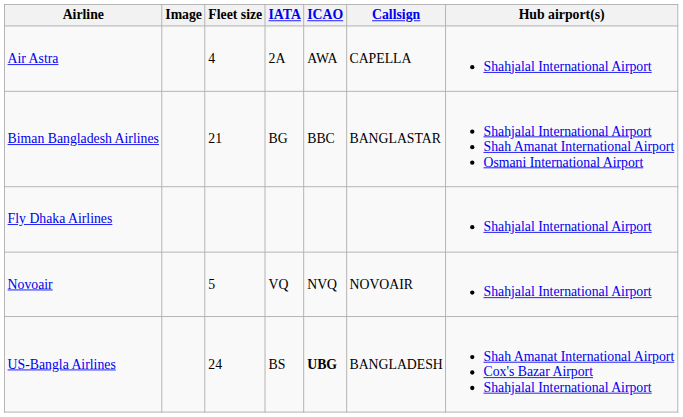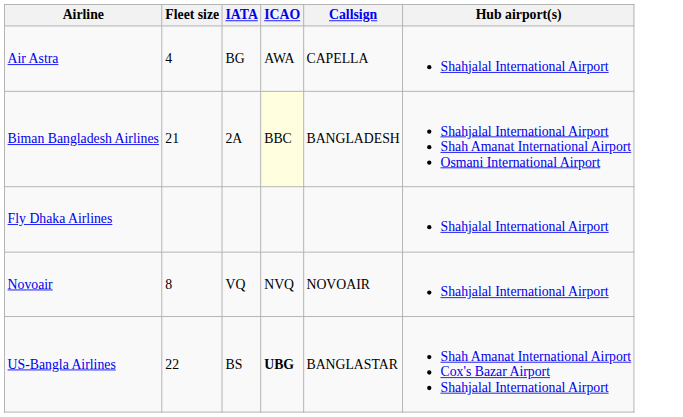 <table class="wikitable sortable static-row-numbers static-row-header-text"  style="border: 1; cellpadding: 2; cellspacing: 3;">
 <tr valign="right">
 <th>Airline</th>
-<th>Image</th>
 <th>Fleet size</th>
 <th><a href='#'>IATA</a></th>
 <th><a href='#'>ICAO</a></th>
 <th><a href='#'>Callsign</a></th>
 <th>Hub airport(s)</th>
 </tr>
 <tr>
 <td><a href='#'>Air Astra</a></td>
-<td></td>
 <td>4</td>
-<td>2A</td>
+<td>BG</td>
 <td>AWA</td>
 <td>CAPELLA</td>
 <td><br><ul><li><a href='#'>Shahjalal International Airport</a></li></ul></td>
 </tr>
 <tr>
 <td><a href='#'>Biman Bangladesh Airlines</a></td>
-<td></td>
 <td>21</td>
-<td>BG</td>
-<td>BBC</td>
-<td>BANGLASTAR</td>
+<td>2A</td>
+<td style="background: lightyellow;">BBC</td>
+<td>BANGLADESH</td>
 <td><br><ul><li><a href='#'>Shahjalal International Airport</a></li><li><a href='#'>Shah Amanat International Airport</a></li><li><a href='#'>Osmani International Airport</a></li></ul></td>
 </tr>
 <tr>
 <td><a href='#'>Fly Dhaka Airlines</a></td>
 <td></td>
 <td></td>
 <td></td>
 <td></td>
-<td></td>
 <td><br><ul><li><a href='#'>Shahjalal International Airport</a></li></ul></td>
 </tr>
 <tr>
 <td><a href='#'>Novoair</a></td>
-<td></td>
-<td>5</td>
+<td>8</td>
 <td>VQ</td>
 <td>NVQ</td>
 <td>NOVOAIR</td>
 <td><br><ul><li><a href='#'>Shahjalal International Airport</a></li></ul></td>
 </tr>
 <tr>
 <td><a href='#'>US-Bangla Airlines</a></td>
-<td></td>
-<td>24</td>
+<td>22</td>
 <td>BS</td>
 <td><strong>UBG</strong></td>
-<td>BANGLADESH</td>
+<td>BANGLASTAR</td>
 <td><br><ul><li><a href='#'>Shah Amanat International Airport</a></li><li><a href='#'>Cox's Bazar Airport</a></li><li><a href='#'>Shahjalal International Airport</a></li></ul></td>
 </tr>
 </table>
